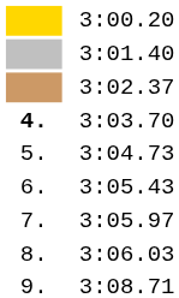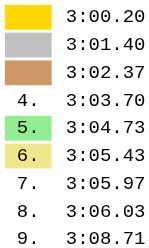 <table style="text-align:center">
 <tr>
 <td width=30 bgcolor=gold></td>
 <td align=left></td>
 <td width=60>3:00.20</td>
 </tr>
 <tr>
 <td bgcolor=silver></td>
 <td align=left></td>
 <td>3:01.40</td>
 </tr>
 <tr>
 <td bgcolor=cc9966></td>
 <td align=left></td>
 <td>3:02.37</td>
 </tr>
 <tr>
-<td><strong>4.</strong></td>
+<td>4.</td>
 <td align=left></td>
 <td>3:03.70</td>
 </tr>
 <tr>
-<td>5.</td>
+<td style="background: lightgreen;">5.</td>
 <td align=left></td>
 <td>3:04.73</td>
 </tr>
 <tr>
-<td>6.</td>
+<td style="background: khaki;">6.</td>
 <td align=left></td>
 <td>3:05.43</td>
 </tr>
 <tr>
 <td>7.</td>
 <td align=left></td>
 <td>3:05.97</td>
 </tr>
 <tr>
 <td>8.</td>
 <td align=left></td>
 <td>3:06.03</td>
 </tr>
 <tr>
 <td>9.</td>
 <td align=left></td>
 <td>3:08.71</td>
 </tr>
 </table>
